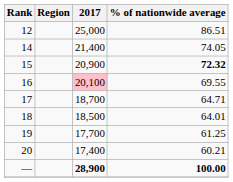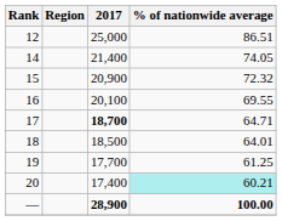 <table class="wikitable sortable" style="text-align: right">
 <tr>
 <th data-sort-type="number">Rank</th>
 <th>Region</th>
 <th>2017</th>
 <th>% of nationwide average</th>
 </tr>
 <tr>
 <td>12</td>
 <td align="left"></td>
 <td>25,000</td>
 <td>86.51</td>
 </tr>
 <tr>
 <td>14</td>
 <td align="left"></td>
 <td>21,400</td>
 <td>74.05</td>
 </tr>
 <tr>
 <td>15</td>
 <td align="left"></td>
 <td>20,900</td>
-<td><strong>72.32</strong></td>
+<td>72.32</td>
 </tr>
 <tr>
 <td>16</td>
 <td align="left"></td>
-<td style="background: pink;">20,100</td>
+<td>20,100</td>
 <td>69.55</td>
 </tr>
 <tr>
 <td>17</td>
 <td align="left"></td>
-<td>18,700</td>
+<td><strong>18,700</strong></td>
 <td>64.71</td>
 </tr>
 <tr>
 <td>18</td>
 <td align="left"></td>
 <td>18,500</td>
 <td>64.01</td>
 </tr>
 <tr>
 <td>19</td>
 <td align="left"></td>
 <td>17,700</td>
 <td>61.25</td>
 </tr>
 <tr>
 <td>20</td>
 <td align="left"></td>
 <td>17,400</td>
-<td>60.21</td>
+<td style="background: paleturquoise;">60.21</td>
 </tr>
 <tr>
 <td>—</td>
 <td align="left"></td>
 <td><strong>28,900</strong></td>
 <td><strong>100.00<strong><em></td>
 </tr>
 <tr>
 </tr>
 </table>
